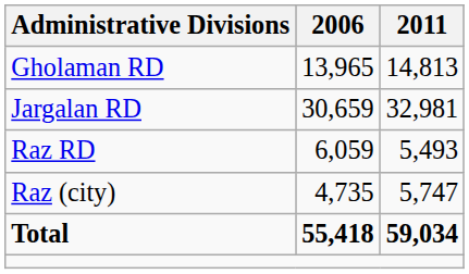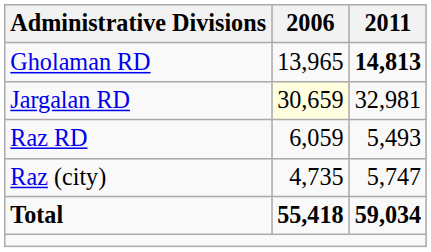 <table class="wikitable">
 <tr>
 <th>Administrative Divisions</th>
 <th>2006</th>
 <th>2011</th>
 </tr>
 <tr>
 <td><a href='#'>Gholaman RD</a></td>
 <td style="text-align: right;">13,965</td>
-<td style="text-align: right;">14,813</td>
+<td style="text-align: right;"><strong>14,813</strong></td>
 </tr>
 <tr>
 <td><a href='#'>Jargalan RD</a></td>
-<td style="text-align: right;">30,659</td>
+<td style="background: lightyellow; text-align: right;">30,659</td>
 <td style="text-align: right;">32,981</td>
 </tr>
 <tr>
 <td><a href='#'>Raz RD</a></td>
 <td style="text-align: right;">6,059</td>
 <td style="text-align: right;">5,493</td>
 </tr>
 <tr>
 <td><a href='#'>Raz</a> (city)</td>
 <td style="text-align: right;">4,735</td>
 <td style="text-align: right;">5,747</td>
 </tr>
 <tr>
 <td><strong>Total</strong></td>
 <td style="text-align: right;"><strong>55,418</strong></td>
 <td style="text-align: right;"><strong>59,034</strong></td>
 </tr>
 <tr>
 <td colspan=3></td>
 </tr>
 </table>
